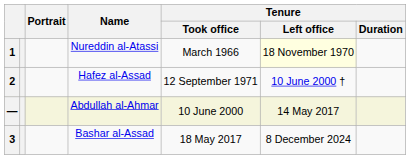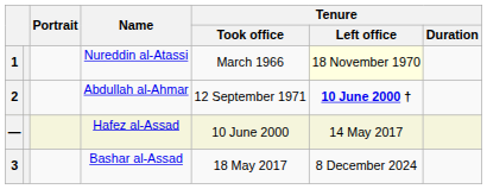 <table class="wikitable" style="text-align:center">
 <tr>
 <th rowspan=2 colspan=2></th>
 <th rowspan=2>Portrait</th>
 <th rowspan=2>Name<br></th>
 <th colspan=3>Tenure</th>
 </tr>
 <tr>
 <th>Took office</th>
 <th>Left office</th>
 <th>Duration</th>
 </tr>
 <tr>
 <th>1</th>
 <th style="background:"></th>
 <td></td>
 <td><a href='#'>Nureddin al-Atassi</a><br><br></td>
 <td>March 1966</td>
 <td style="background: lightyellow;">18 November 1970</td>
 <td></td>
 </tr>
 <tr>
 <th>2</th>
 <th style="background:"></th>
 <td></td>
-<td><a href='#'>Hafez al-Assad</a><br><br></td>
+<td><a href='#'>Abdullah al-Ahmar</a><br><br></td>
 <td>12 September 1971</td>
-<td><a href='#'>10 June 2000</a> †</td>
+<td><strong><a href='#'>10 June 2000</a> †</strong></td>
 <td></td>
 </tr>
 <tr style="background:#F5F5DC">
 <th>—</th>
 <th style="background:"></th>
 <td></td>
-<td><a href='#'>Abdullah al-Ahmar</a><br><br></td>
+<td><a href='#'>Hafez al-Assad</a><br><br></td>
 <td>10 June 2000</td>
 <td>14 May 2017</td>
 <td></td>
 </tr>
 <tr>
 <th>3</th>
 <th style="background:"></th>
 <td></td>
 <td><a href='#'>Bashar al-Assad</a><br><br></td>
 <td>18 May 2017</td>
 <td>8 December 2024</td>
 <td></td>
 </tr>
 </table>
